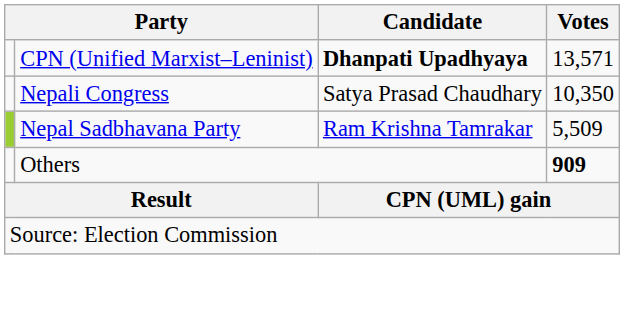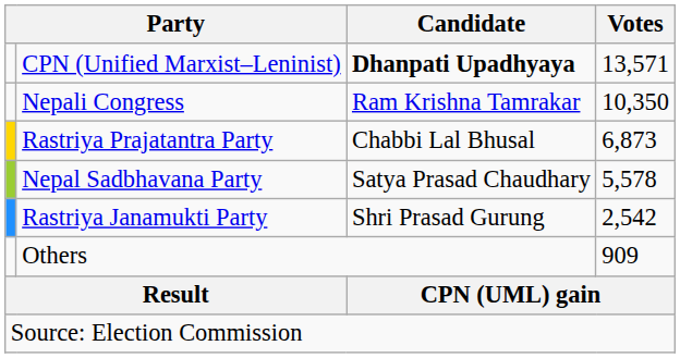 <table class="wikitable">
 <tr>
 <th colspan="2">Party</th>
 <th>Candidate</th>
 <th>Votes</th>
 </tr>
 <tr>
 <td style="background-color:"></td>
 <td><a href='#'>CPN (Unified Marxist–Leninist)</a></td>
 <td><strong>Dhanpati Upadhyaya</strong></td>
 <td>13,571</td>
 </tr>
 <tr>
 <td style="background-color:"></td>
 <td><a href='#'>Nepali Congress</a></td>
-<td>Satya Prasad Chaudhary</td>
+<td><a href='#'>Ram Krishna Tamrakar</a></td>
 <td>10,350</td>
+</tr>
+<tr>
+<td style="background-color:gold"></td>
+<td><a href='#'>Rastriya Prajatantra Party</a></td>
+<td>Chabbi Lal Bhusal</td>
+<td>6,873</td>
 </tr>
 <tr>
 <td style="background-color:yellowgreen"></td>
 <td><a href='#'>Nepal Sadbhavana Party</a></td>
-<td><a href='#'>Ram Krishna Tamrakar</a></td>
-<td>5,509</td>
+<td>Satya Prasad Chaudhary</td>
+<td>5,578</td>
+</tr>
+<tr>
+<td style="background-color:dodgerblue"></td>
+<td><a href='#'>Rastriya Janamukti Party</a></td>
+<td>Shri Prasad Gurung</td>
+<td>2,542</td>
 </tr>
 <tr>
 <td></td>
 <td colspan="2">Others</td>
-<td><strong>909</strong></td>
+<td>909</td>
 </tr>
 <tr>
 <th colspan="2">Result</th>
 <th colspan="2">CPN (UML) gain</th>
 </tr>
 <tr>
 <td colspan="4">Source: Election Commission</td>
 </tr>
 </table>
